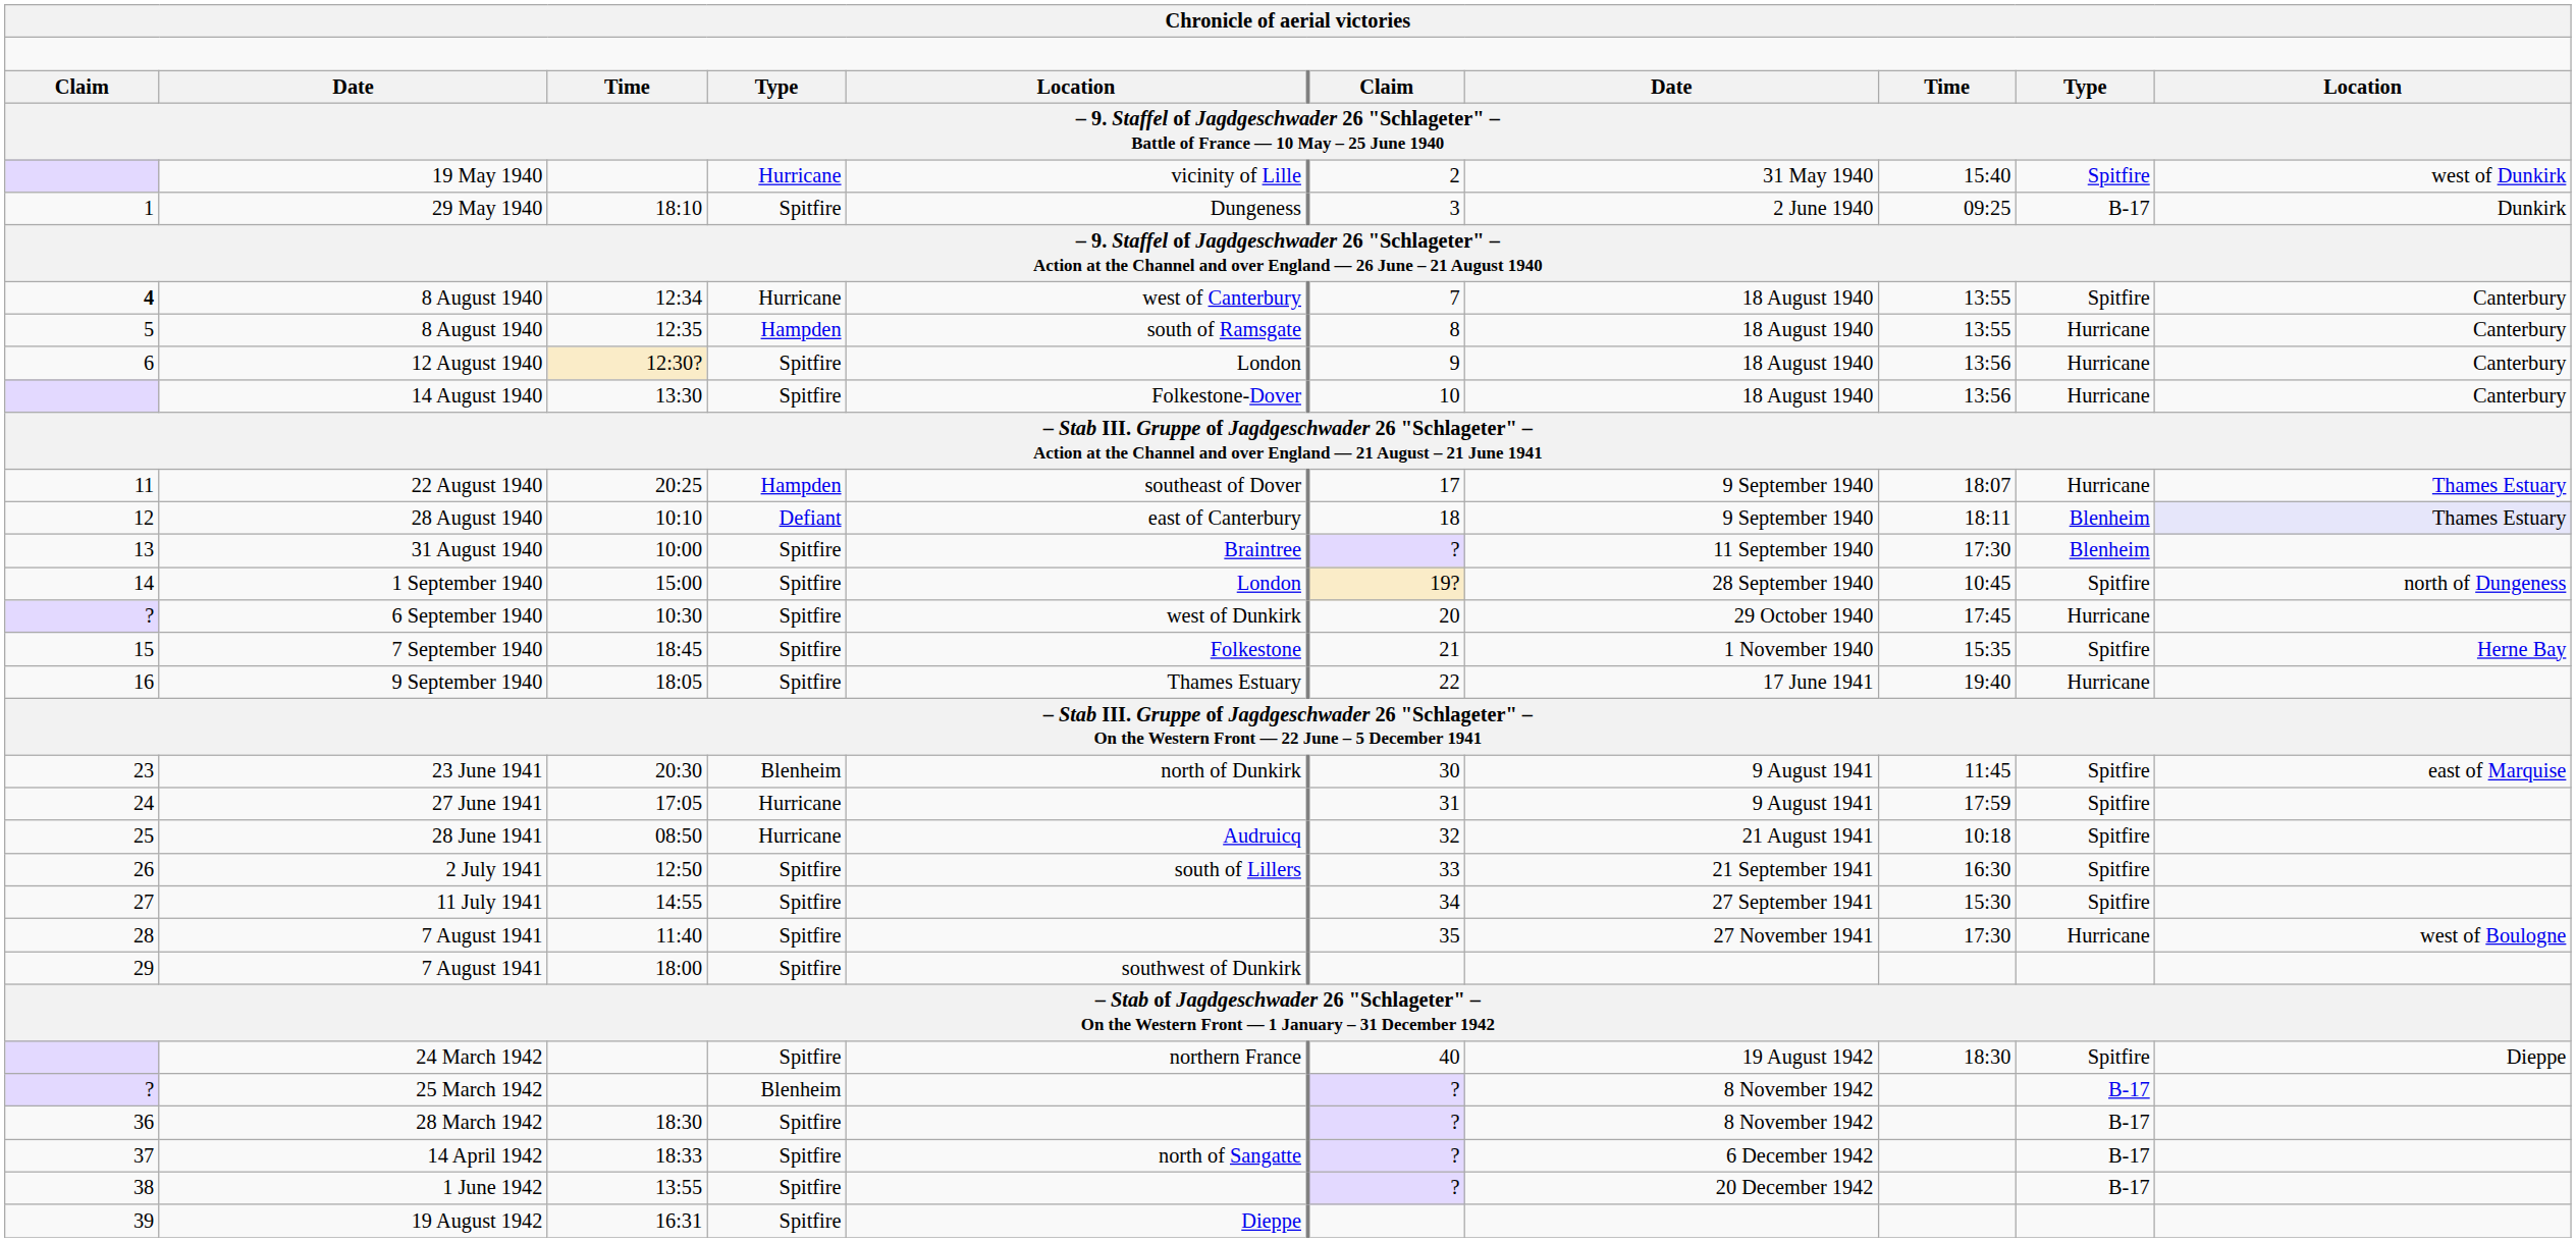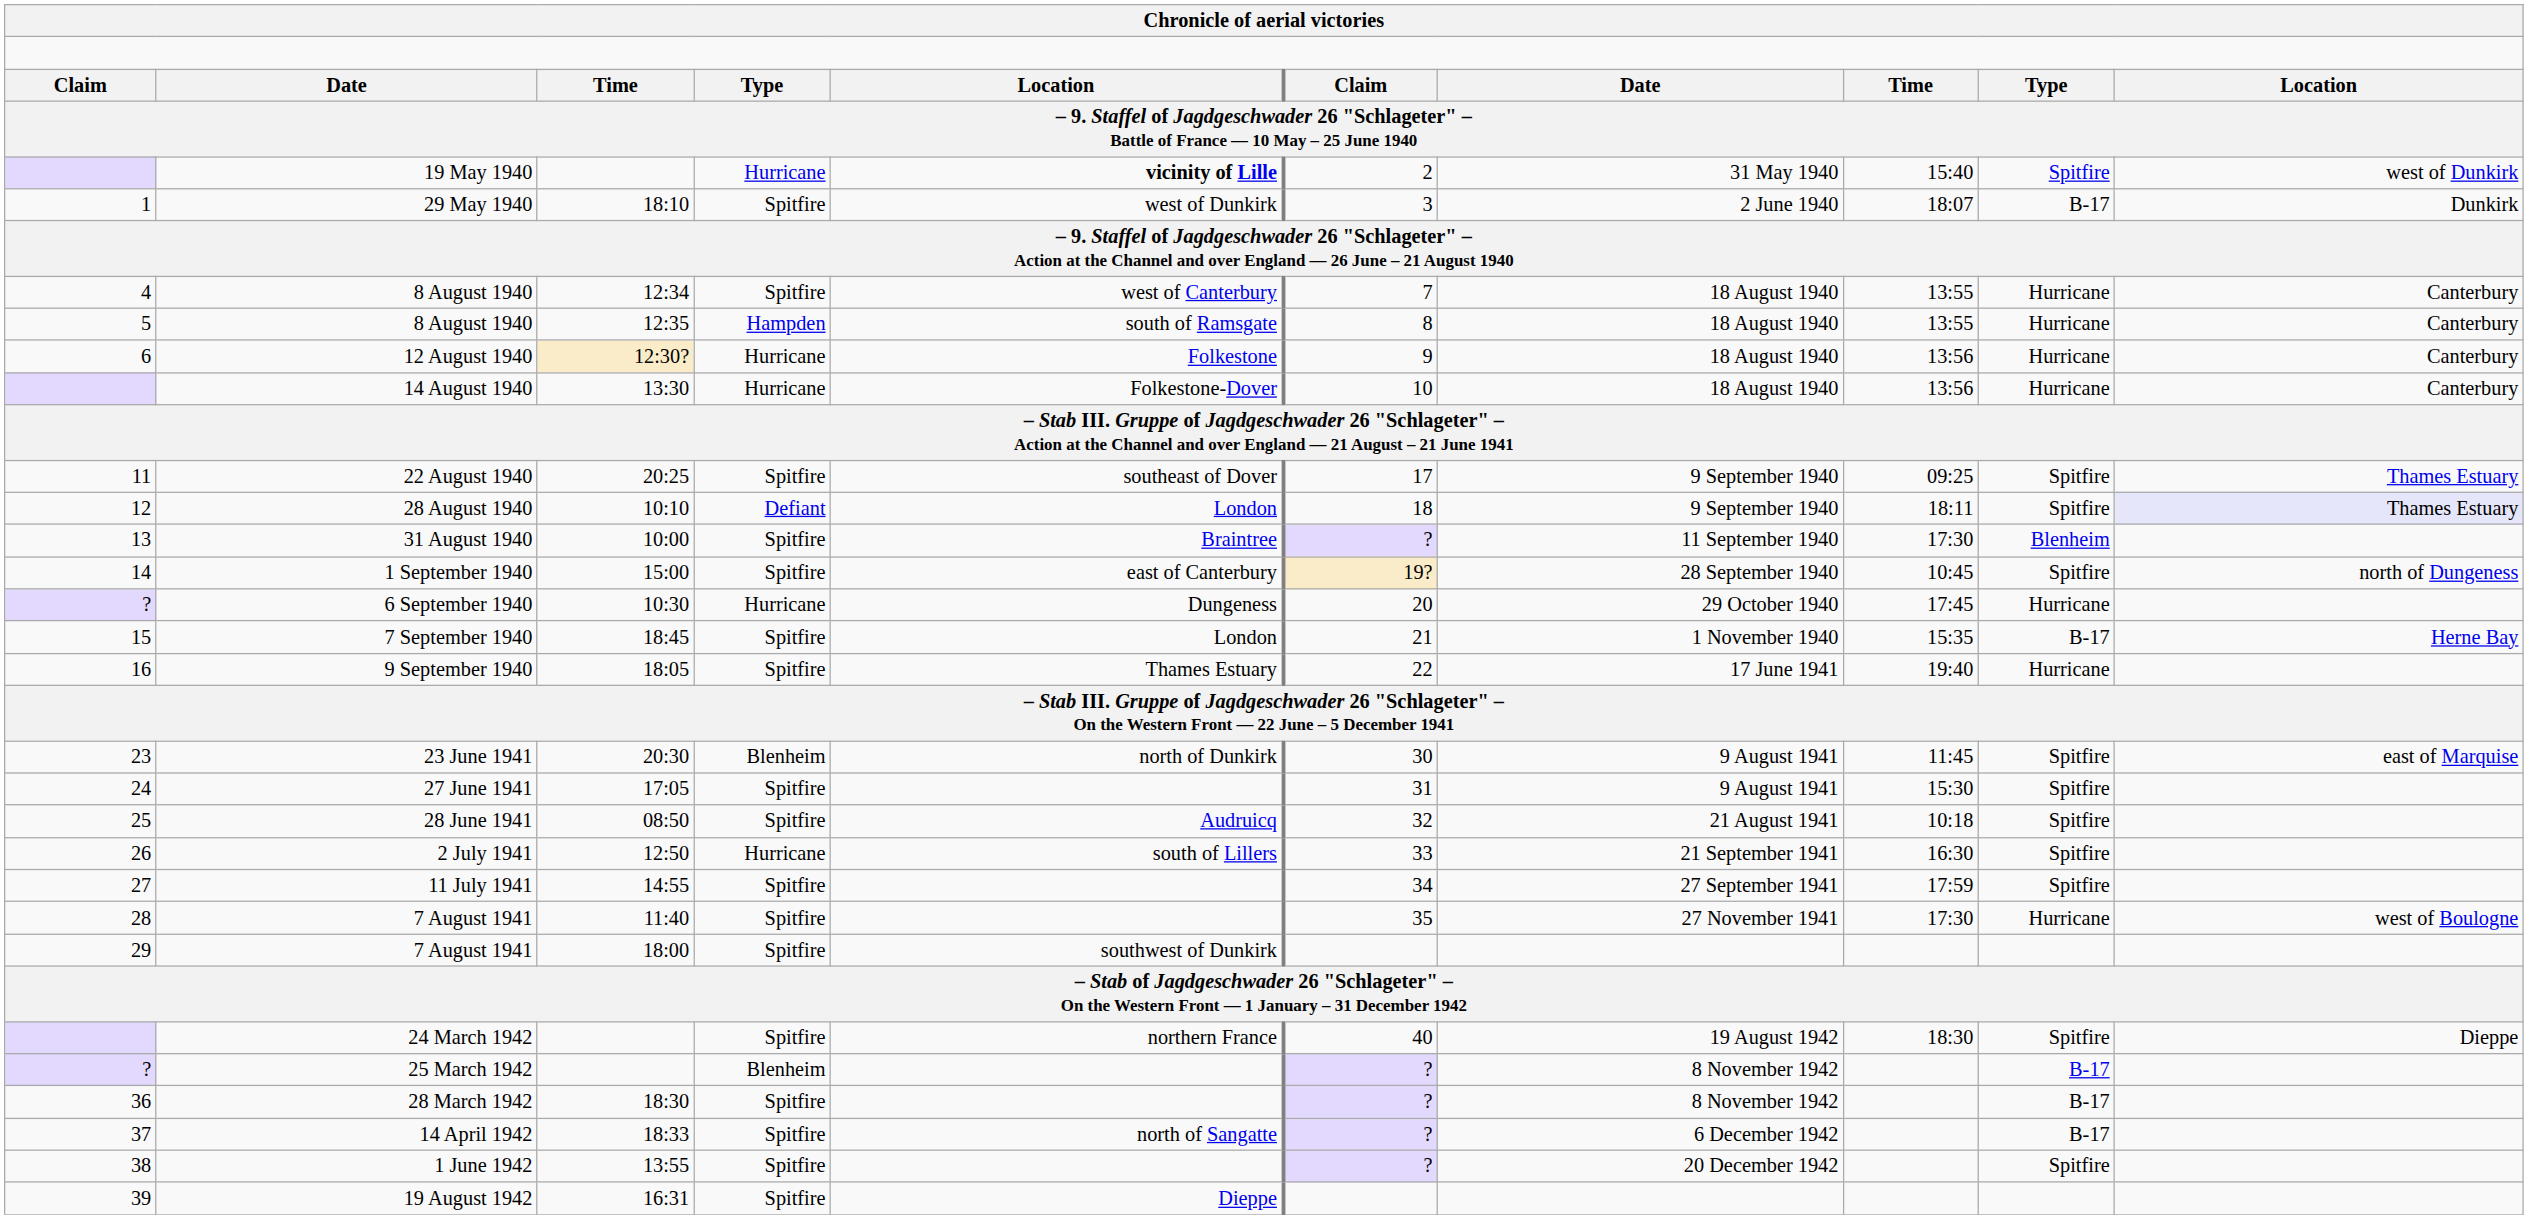 <table class="wikitable plainrowheaders collapsible" style="margin-left: auto; margin-right: auto; border: none; text-align:right; width: 100%;">
 <tr>
 <th colspan="10">Chronicle of aerial victories</th>
 </tr>
 <tr>
 <td colspan="10" style="text-align: left;"><br> </td>
 </tr>
 <tr>
 <th scope="col">Claim</th>
 <th scope="col">Date</th>
 <th scope="col">Time</th>
 <th scope="col" width="100px">Type</th>
 <th scope="col">Location</th>
 <th scope="col" style="border-left: 3px solid grey;">Claim</th>
 <th scope="col">Date</th>
 <th scope="col">Time</th>
 <th scope="col" width="100px">Type</th>
 <th scope="col">Location</th>
 </tr>
 <tr>
 <th colspan="10">– 9. <em>Staffel</em> of <em>Jagdgeschwader</em> 26 "Schlageter" –<br><small>Battle of France — 10 May – 25 June 1940</small></th>
 </tr>
 <tr>
 <td style="background:#e3d9ff;"></td>
 <td>19 May 1940</td>
 <td></td>
 <td><a href='#'>Hurricane</a></td>
-<td>vicinity of <a href='#'>Lille</a></td>
+<td><strong>vicinity of <a href='#'>Lille</a></strong></td>
 <td style="border-left: 3px solid grey;">2</td>
 <td>31 May 1940</td>
 <td>15:40</td>
 <td><a href='#'>Spitfire</a></td>
 <td>west of <a href='#'>Dunkirk</a></td>
 </tr>
 <tr>
 <td>1</td>
 <td>29 May 1940</td>
 <td>18:10</td>
 <td>Spitfire</td>
-<td>Dungeness</td>
+<td>west of Dunkirk</td>
 <td style="border-left: 3px solid grey;">3</td>
 <td>2 June 1940</td>
-<td>09:25</td>
+<td>18:07</td>
 <td>B-17</td>
 <td>Dunkirk</td>
 </tr>
 <tr>
 <th colspan="10">– 9. <em>Staffel</em> of <em>Jagdgeschwader</em> 26 "Schlageter" –<br><small>Action at the Channel and over England — 26 June – 21 August 1940</small></th>
 </tr>
 <tr>
-<td><strong>4</strong></td>
+<td>4</td>
 <td>8 August 1940</td>
 <td>12:34</td>
-<td>Hurricane</td>
+<td>Spitfire</td>
 <td>west of <a href='#'>Canterbury</a></td>
 <td style="border-left: 3px solid grey;">7</td>
 <td>18 August 1940</td>
 <td>13:55</td>
-<td>Spitfire</td>
+<td>Hurricane</td>
 <td>Canterbury</td>
 </tr>
 <tr>
 <td>5</td>
 <td>8 August 1940</td>
 <td>12:35</td>
 <td><a href='#'>Hampden</a></td>
 <td>south of <a href='#'>Ramsgate</a></td>
 <td style="border-left: 3px solid grey;">8</td>
 <td>18 August 1940</td>
 <td>13:55</td>
 <td>Hurricane</td>
 <td>Canterbury</td>
 </tr>
 <tr>
 <td>6</td>
 <td>12 August 1940</td>
 <td style="background:#faecc8">12:30?</td>
-<td>Spitfire</td>
-<td>London</td>
+<td>Hurricane</td>
+<td><a href='#'>Folkestone</a></td>
 <td style="border-left: 3px solid grey;">9</td>
 <td>18 August 1940</td>
 <td>13:56</td>
 <td>Hurricane</td>
 <td>Canterbury</td>
 </tr>
 <tr>
 <td style="background:#e3d9ff;"></td>
 <td>14 August 1940</td>
 <td>13:30</td>
-<td>Spitfire</td>
+<td>Hurricane</td>
 <td>Folkestone-<a href='#'>Dover</a></td>
 <td style="border-left: 3px solid grey;">10</td>
 <td>18 August 1940</td>
 <td>13:56</td>
 <td>Hurricane</td>
 <td>Canterbury</td>
 </tr>
 <tr>
 <th colspan="10">– <em>Stab</em> III. <em>Gruppe</em> of <em>Jagdgeschwader</em> 26 "Schlageter" –<br><small>Action at the Channel and over England — 21 August – 21 June 1941</small></th>
 </tr>
 <tr>
 <td>11</td>
 <td>22 August 1940</td>
 <td>20:25</td>
-<td><a href='#'>Hampden</a></td>
+<td>Spitfire</td>
 <td>southeast of Dover</td>
 <td style="border-left: 3px solid grey;">17</td>
 <td>9 September 1940</td>
-<td>18:07</td>
-<td>Hurricane</td>
+<td>09:25</td>
+<td>Spitfire</td>
 <td><a href='#'>Thames Estuary</a></td>
 </tr>
 <tr>
 <td>12</td>
 <td>28 August 1940</td>
 <td>10:10</td>
 <td><a href='#'>Defiant</a></td>
-<td>east of Canterbury</td>
+<td><a href='#'>London</a></td>
 <td style="border-left: 3px solid grey;">18</td>
 <td>9 September 1940</td>
 <td>18:11</td>
-<td><a href='#'>Blenheim</a></td>
+<td>Spitfire</td>
 <td style="background: lavender;">Thames Estuary</td>
 </tr>
 <tr>
 <td>13</td>
 <td>31 August 1940</td>
 <td>10:00</td>
 <td>Spitfire</td>
 <td><a href='#'>Braintree</a></td>
 <td style="border-left: 3px solid grey; background:#e3d9ff;">?</td>
 <td>11 September 1940</td>
 <td>17:30</td>
 <td><a href='#'>Blenheim</a></td>
 <td></td>
 </tr>
 <tr>
 <td>14</td>
 <td>1 September 1940</td>
 <td>15:00</td>
 <td>Spitfire</td>
-<td><a href='#'>London</a></td>
+<td>east of Canterbury</td>
 <td style="border-left: 3px solid grey; background:#faecc8">19?</td>
 <td>28 September 1940</td>
 <td>10:45</td>
 <td>Spitfire</td>
 <td>north of <a href='#'>Dungeness</a></td>
 </tr>
 <tr>
 <td style="background:#e3d9ff;">?</td>
 <td>6 September 1940</td>
 <td>10:30</td>
-<td>Spitfire</td>
-<td>west of Dunkirk</td>
+<td>Hurricane</td>
+<td>Dungeness</td>
 <td style="border-left: 3px solid grey;">20</td>
 <td>29 October 1940</td>
 <td>17:45</td>
 <td>Hurricane</td>
 <td></td>
 </tr>
 <tr>
 <td>15</td>
 <td>7 September 1940</td>
 <td>18:45</td>
 <td>Spitfire</td>
-<td><a href='#'>Folkestone</a></td>
+<td>London</td>
 <td style="border-left: 3px solid grey;">21</td>
 <td>1 November 1940</td>
 <td>15:35</td>
-<td>Spitfire</td>
+<td>B-17</td>
 <td><a href='#'>Herne Bay</a></td>
 </tr>
 <tr>
 <td>16</td>
 <td>9 September 1940</td>
 <td>18:05</td>
 <td>Spitfire</td>
 <td>Thames Estuary</td>
 <td style="border-left: 3px solid grey;">22</td>
 <td>17 June 1941</td>
 <td>19:40</td>
 <td>Hurricane</td>
 <td></td>
 </tr>
 <tr>
 <th colspan="10">– <em>Stab</em> III. <em>Gruppe</em> of <em>Jagdgeschwader</em> 26 "Schlageter" –<br><small>On the Western Front — 22 June – 5 December 1941</small></th>
 </tr>
 <tr>
 <td>23</td>
 <td>23 June 1941</td>
 <td>20:30</td>
 <td>Blenheim</td>
 <td> north of Dunkirk</td>
 <td style="border-left: 3px solid grey;">30</td>
 <td>9 August 1941</td>
 <td>11:45</td>
 <td>Spitfire</td>
 <td>east of <a href='#'>Marquise</a></td>
 </tr>
 <tr>
 <td>24</td>
 <td>27 June 1941</td>
 <td>17:05</td>
-<td>Hurricane</td>
+<td>Spitfire</td>
 <td></td>
 <td style="border-left: 3px solid grey;">31</td>
 <td>9 August 1941</td>
-<td>17:59</td>
+<td>15:30</td>
 <td>Spitfire</td>
 <td></td>
 </tr>
 <tr>
 <td>25</td>
 <td>28 June 1941</td>
 <td>08:50</td>
-<td>Hurricane</td>
+<td>Spitfire</td>
 <td><a href='#'>Audruicq</a></td>
 <td style="border-left: 3px solid grey;">32</td>
 <td>21 August 1941</td>
 <td>10:18</td>
 <td>Spitfire</td>
 <td></td>
 </tr>
 <tr>
 <td>26</td>
 <td>2 July 1941</td>
 <td>12:50</td>
-<td>Spitfire</td>
+<td>Hurricane</td>
 <td>south of <a href='#'>Lillers</a></td>
 <td style="border-left: 3px solid grey;">33</td>
 <td>21 September 1941</td>
 <td>16:30</td>
 <td>Spitfire</td>
 <td></td>
 </tr>
 <tr>
 <td>27</td>
 <td>11 July 1941</td>
 <td>14:55</td>
 <td>Spitfire</td>
 <td></td>
 <td style="border-left: 3px solid grey;">34</td>
 <td>27 September 1941</td>
-<td>15:30</td>
+<td>17:59</td>
 <td>Spitfire</td>
 <td></td>
 </tr>
 <tr>
 <td>28</td>
 <td>7 August 1941</td>
 <td>11:40</td>
 <td>Spitfire</td>
 <td></td>
 <td style="border-left: 3px solid grey;">35</td>
 <td>27 November 1941</td>
 <td>17:30</td>
 <td>Hurricane</td>
 <td> west of <a href='#'>Boulogne</a></td>
 </tr>
 <tr>
 <td>29</td>
 <td>7 August 1941</td>
 <td>18:00</td>
 <td>Spitfire</td>
 <td>southwest of Dunkirk</td>
 <td style="border-left: 3px solid grey;"></td>
 <td></td>
 <td></td>
 <td></td>
 <td></td>
 </tr>
 <tr>
 <th colspan="10">– <em>Stab</em> of <em>Jagdgeschwader</em> 26 "Schlageter" –<br><small>On the Western Front — 1 January – 31 December 1942</small></th>
 </tr>
 <tr>
 <td style="background:#e3d9ff;"></td>
 <td>24 March 1942</td>
 <td></td>
 <td>Spitfire</td>
 <td>northern France</td>
 <td style="border-left: 3px solid grey;">40</td>
 <td>19 August 1942</td>
 <td>18:30</td>
 <td>Spitfire</td>
 <td>Dieppe</td>
 </tr>
 <tr>
 <td style="background:#e3d9ff;">?</td>
 <td>25 March 1942</td>
 <td></td>
 <td>Blenheim</td>
 <td></td>
 <td style="border-left: 3px solid grey; background:#e3d9ff;">?</td>
 <td>8 November 1942</td>
 <td></td>
 <td><a href='#'>B-17</a></td>
 <td></td>
 </tr>
 <tr>
 <td>36</td>
 <td>28 March 1942</td>
 <td>18:30</td>
 <td>Spitfire</td>
 <td></td>
 <td style="border-left: 3px solid grey; background:#e3d9ff;">?</td>
 <td>8 November 1942</td>
 <td></td>
 <td>B-17</td>
 <td></td>
 </tr>
 <tr>
 <td>37</td>
 <td>14 April 1942</td>
 <td>18:33</td>
 <td>Spitfire</td>
 <td> north of <a href='#'>Sangatte</a></td>
 <td style="border-left: 3px solid grey; background:#e3d9ff;">?</td>
 <td>6 December 1942</td>
 <td></td>
 <td>B-17</td>
 <td></td>
 </tr>
 <tr>
 <td>38</td>
 <td>1 June 1942</td>
 <td>13:55</td>
 <td>Spitfire</td>
 <td></td>
 <td style="border-left: 3px solid grey; background:#e3d9ff;">?</td>
 <td>20 December 1942</td>
 <td></td>
-<td>B-17</td>
+<td>Spitfire</td>
 <td></td>
 </tr>
 <tr>
 <td>39</td>
 <td>19 August 1942</td>
 <td>16:31</td>
 <td>Spitfire</td>
 <td><a href='#'>Dieppe</a></td>
 <td style="border-left: 3px solid grey;"></td>
 <td></td>
 <td></td>
 <td></td>
 <td></td>
 </tr>
 </table>
